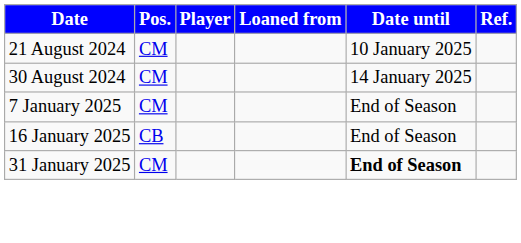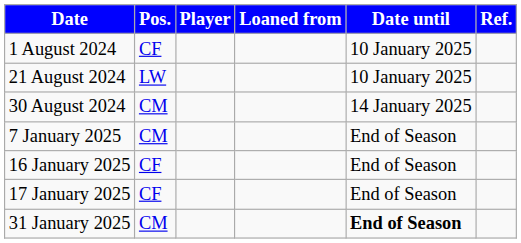 <table class="wikitable plainrowheaders sortable">
 <tr>
 <th style="background:#0000FF;color:white;">Date</th>
 <th style="background:#0000FF;color:white;">Pos.</th>
 <th style="background:#0000FF;color:white;">Player</th>
 <th style="background:#0000FF;color:white;">Loaned from</th>
 <th style="background:#0000FF;color:white;">Date until</th>
 <th style="background:#0000FF;color:white;">Ref.</th>
 </tr>
 <tr>
+<td>1 August 2024</td>
+<td><a href='#'>CF</a></td>
+<td></td>
+<td></td>
+<td>10 January 2025</td>
+<td></td>
+</tr>
+<tr>
 <td>21 August 2024</td>
-<td><a href='#'>CM</a></td>
+<td><a href='#'>LW</a></td>
 <td></td>
 <td></td>
 <td>10 January 2025</td>
 <td></td>
 </tr>
 <tr>
 <td>30 August 2024</td>
 <td><a href='#'>CM</a></td>
 <td></td>
 <td></td>
 <td>14 January 2025</td>
 <td></td>
 </tr>
 <tr>
 <td>7 January 2025</td>
 <td><a href='#'>CM</a></td>
 <td></td>
 <td></td>
 <td>End of Season</td>
 <td></td>
 </tr>
 <tr>
 <td>16 January 2025</td>
-<td><a href='#'>CB</a></td>
+<td><a href='#'>CF</a></td>
+<td></td>
+<td></td>
+<td>End of Season</td>
+<td></td>
+</tr>
+<tr>
+<td>17 January 2025</td>
+<td><a href='#'>CF</a></td>
 <td></td>
 <td></td>
 <td>End of Season</td>
 <td></td>
 </tr>
 <tr>
 <td>31 January 2025</td>
 <td><a href='#'>CM</a></td>
 <td></td>
 <td></td>
 <td><strong>End of Season</strong></td>
 <td></td>
 </tr>
 </table>
